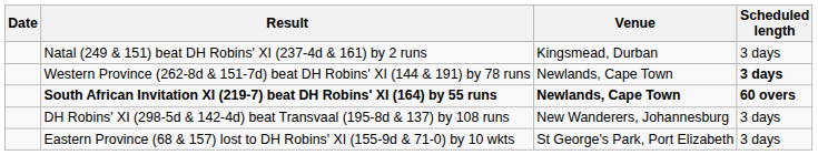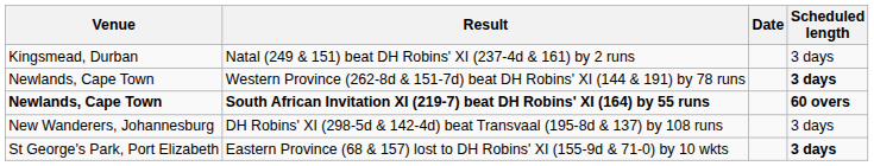 <table class="wikitable">
 <tr>
+<th>Venue</th>
+<th>Result</th>
 <th>Date</th>
-<th>Result</th>
-<th>Venue</th>
 <th>Scheduled<br>length</th>
 </tr>
 <tr>
+<td>Kingsmead, Durban</td>
+<td>Natal (249 & 151) beat DH Robins' XI (237-4d & 161) by 2 runs</td>
 <td></td>
-<td>Natal (249 & 151) beat DH Robins' XI (237-4d & 161) by 2 runs</td>
-<td>Kingsmead, Durban</td>
 <td>3 days</td>
 </tr>
 <tr>
+<td>Newlands, Cape Town</td>
+<td>Western Province (262-8d & 151-7d) beat DH Robins' XI (144 & 191) by 78 runs</td>
 <td></td>
-<td>Western Province (262-8d & 151-7d) beat DH Robins' XI (144 & 191) by 78 runs</td>
-<td>Newlands, Cape Town</td>
 <td><strong>3 days</strong></td>
 </tr>
 <tr>
+<td><strong>Newlands, Cape Town</strong></td>
+<td><strong>South African Invitation XI (219-7) beat DH Robins' XI (164) by 55 runs</strong></td>
 <td><strong></strong></td>
-<td><strong>South African Invitation XI (219-7) beat DH Robins' XI (164) by 55 runs</strong></td>
-<td><strong>Newlands, Cape Town</strong></td>
 <td><strong>60 overs</strong></td>
 </tr>
 <tr>
+<td>New Wanderers, Johannesburg</td>
+<td>DH Robins' XI (298-5d & 142-4d) beat Transvaal (195-8d & 137) by 108 runs</td>
 <td></td>
-<td>DH Robins' XI (298-5d & 142-4d) beat Transvaal (195-8d & 137) by 108 runs</td>
-<td>New Wanderers, Johannesburg</td>
 <td>3 days</td>
 </tr>
 <tr>
+<td>St George's Park, Port Elizabeth</td>
+<td>Eastern Province (68 & 157) lost to DH Robins' XI (155-9d & 71-0) by 10 wkts</td>
 <td></td>
-<td>Eastern Province (68 & 157) lost to DH Robins' XI (155-9d & 71-0) by 10 wkts</td>
-<td>St George's Park, Port Elizabeth</td>
-<td>3 days</td>
+<td><strong>3 days</strong></td>
 </tr>
 </table>
